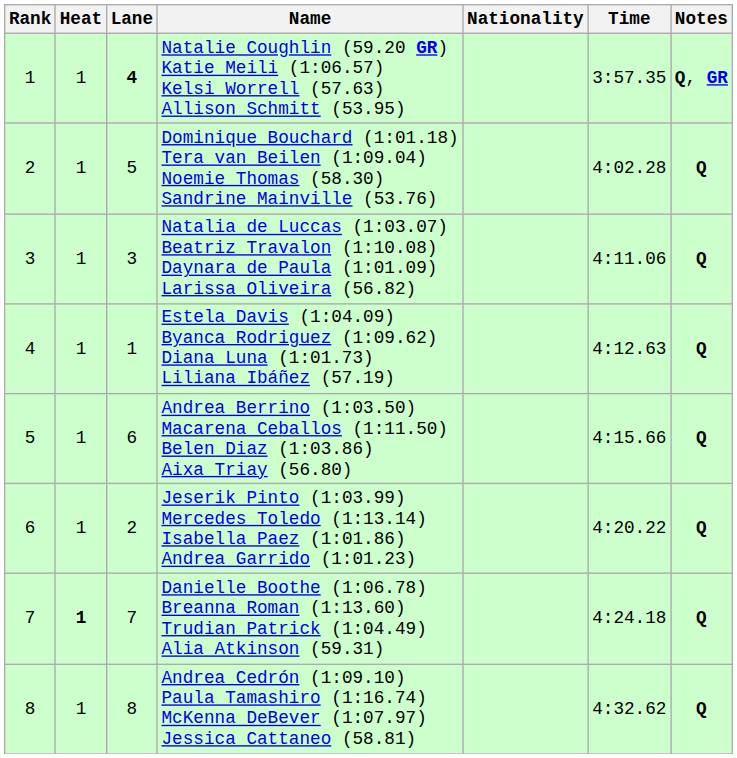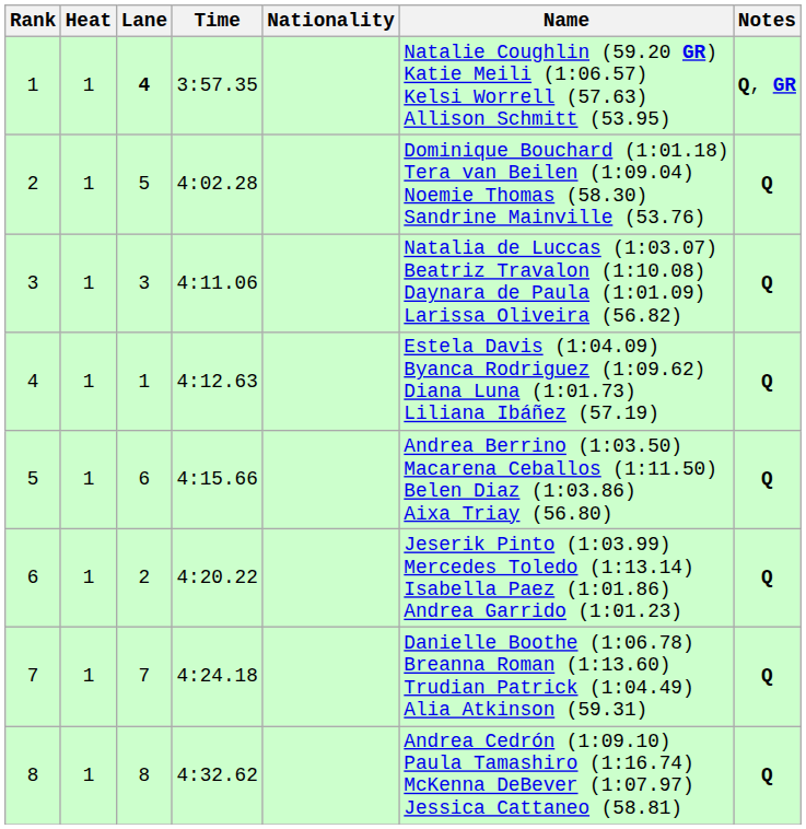 <table class="wikitable sortable" style="text-align:center">
 <tr>
 <th>Rank</th>
 <th>Heat</th>
 <th>Lane</th>
+<th>Time</th>
+<th>Nationality</th>
 <th>Name</th>
-<th>Nationality</th>
-<th>Time</th>
 <th>Notes</th>
 </tr>
 <tr bgcolor=ccffcc>
 <td>1</td>
 <td>1</td>
 <td><strong>4</strong></td>
+<td>3:57.35</td>
+<td align=left></td>
 <td align=left><a href='#'>Natalie Coughlin</a> (59.20 <strong><a href='#'>GR</a></strong>)<br><a href='#'>Katie Meili</a> (1:06.57)<br><a href='#'>Kelsi Worrell</a> (57.63)<br><a href='#'>Allison Schmitt</a> (53.95)</td>
-<td align=left></td>
-<td>3:57.35</td>
 <td><strong>Q</strong>, <strong><a href='#'>GR</a></strong></td>
 </tr>
 <tr bgcolor=ccffcc>
 <td>2</td>
 <td>1</td>
 <td>5</td>
+<td>4:02.28</td>
+<td align=left></td>
 <td align=left><a href='#'>Dominique Bouchard</a> (1:01.18)<br><a href='#'>Tera van Beilen</a> (1:09.04)<br><a href='#'>Noemie Thomas</a> (58.30)<br><a href='#'>Sandrine Mainville</a> (53.76)</td>
-<td align=left></td>
-<td>4:02.28</td>
 <td><strong>Q</strong></td>
 </tr>
 <tr bgcolor=ccffcc>
 <td>3</td>
 <td>1</td>
 <td>3</td>
+<td>4:11.06</td>
+<td align=left></td>
 <td align=left><a href='#'>Natalia de Luccas</a> (1:03.07)<br><a href='#'>Beatriz Travalon</a> (1:10.08)<br><a href='#'>Daynara de Paula</a> (1:01.09)<br><a href='#'>Larissa Oliveira</a> (56.82)</td>
-<td align=left></td>
-<td>4:11.06</td>
 <td><strong>Q</strong></td>
 </tr>
 <tr bgcolor=ccffcc>
 <td>4</td>
 <td>1</td>
 <td>1</td>
+<td>4:12.63</td>
+<td align=left></td>
 <td align=left><a href='#'>Estela Davis</a> (1:04.09)<br><a href='#'>Byanca Rodriguez</a> (1:09.62)<br><a href='#'>Diana Luna</a> (1:01.73)<br><a href='#'>Liliana Ibáñez</a> (57.19)</td>
-<td align=left></td>
-<td>4:12.63</td>
 <td><strong>Q</strong></td>
 </tr>
 <tr bgcolor=ccffcc>
 <td>5</td>
 <td>1</td>
 <td>6</td>
+<td>4:15.66</td>
+<td align=left></td>
 <td align=left><a href='#'>Andrea Berrino</a> (1:03.50)<br><a href='#'>Macarena Ceballos</a> (1:11.50)<br><a href='#'>Belen Diaz</a> (1:03.86)<br><a href='#'>Aixa Triay</a> (56.80)</td>
-<td align=left></td>
-<td>4:15.66</td>
 <td><strong>Q</strong></td>
 </tr>
 <tr bgcolor=ccffcc>
 <td>6</td>
 <td>1</td>
 <td>2</td>
+<td>4:20.22</td>
+<td align=left></td>
 <td align=left><a href='#'>Jeserik Pinto</a> (1:03.99)<br><a href='#'>Mercedes Toledo</a> (1:13.14)<br><a href='#'>Isabella Paez</a> (1:01.86)<br><a href='#'>Andrea Garrido</a> (1:01.23)</td>
-<td align=left></td>
-<td>4:20.22</td>
 <td><strong>Q</strong></td>
 </tr>
 <tr bgcolor=ccffcc>
 <td>7</td>
-<td><strong>1</strong></td>
+<td>1</td>
 <td>7</td>
+<td>4:24.18</td>
+<td align=left></td>
 <td align=left><a href='#'>Danielle Boothe</a> (1:06.78)<br><a href='#'>Breanna Roman</a> (1:13.60)<br><a href='#'>Trudian Patrick</a> (1:04.49)<br><a href='#'>Alia Atkinson</a> (59.31)</td>
-<td align=left></td>
-<td>4:24.18</td>
 <td><strong>Q</strong></td>
 </tr>
 <tr bgcolor=ccffcc>
 <td>8</td>
 <td>1</td>
 <td>8</td>
+<td>4:32.62</td>
+<td align=left></td>
 <td align=left><a href='#'>Andrea Cedrón</a> (1:09.10)<br><a href='#'>Paula Tamashiro</a> (1:16.74)<br><a href='#'>McKenna DeBever</a> (1:07.97)<br><a href='#'>Jessica Cattaneo</a> (58.81)</td>
-<td align=left></td>
-<td>4:32.62</td>
 <td><strong>Q</strong></td>
 </tr>
 </table>
